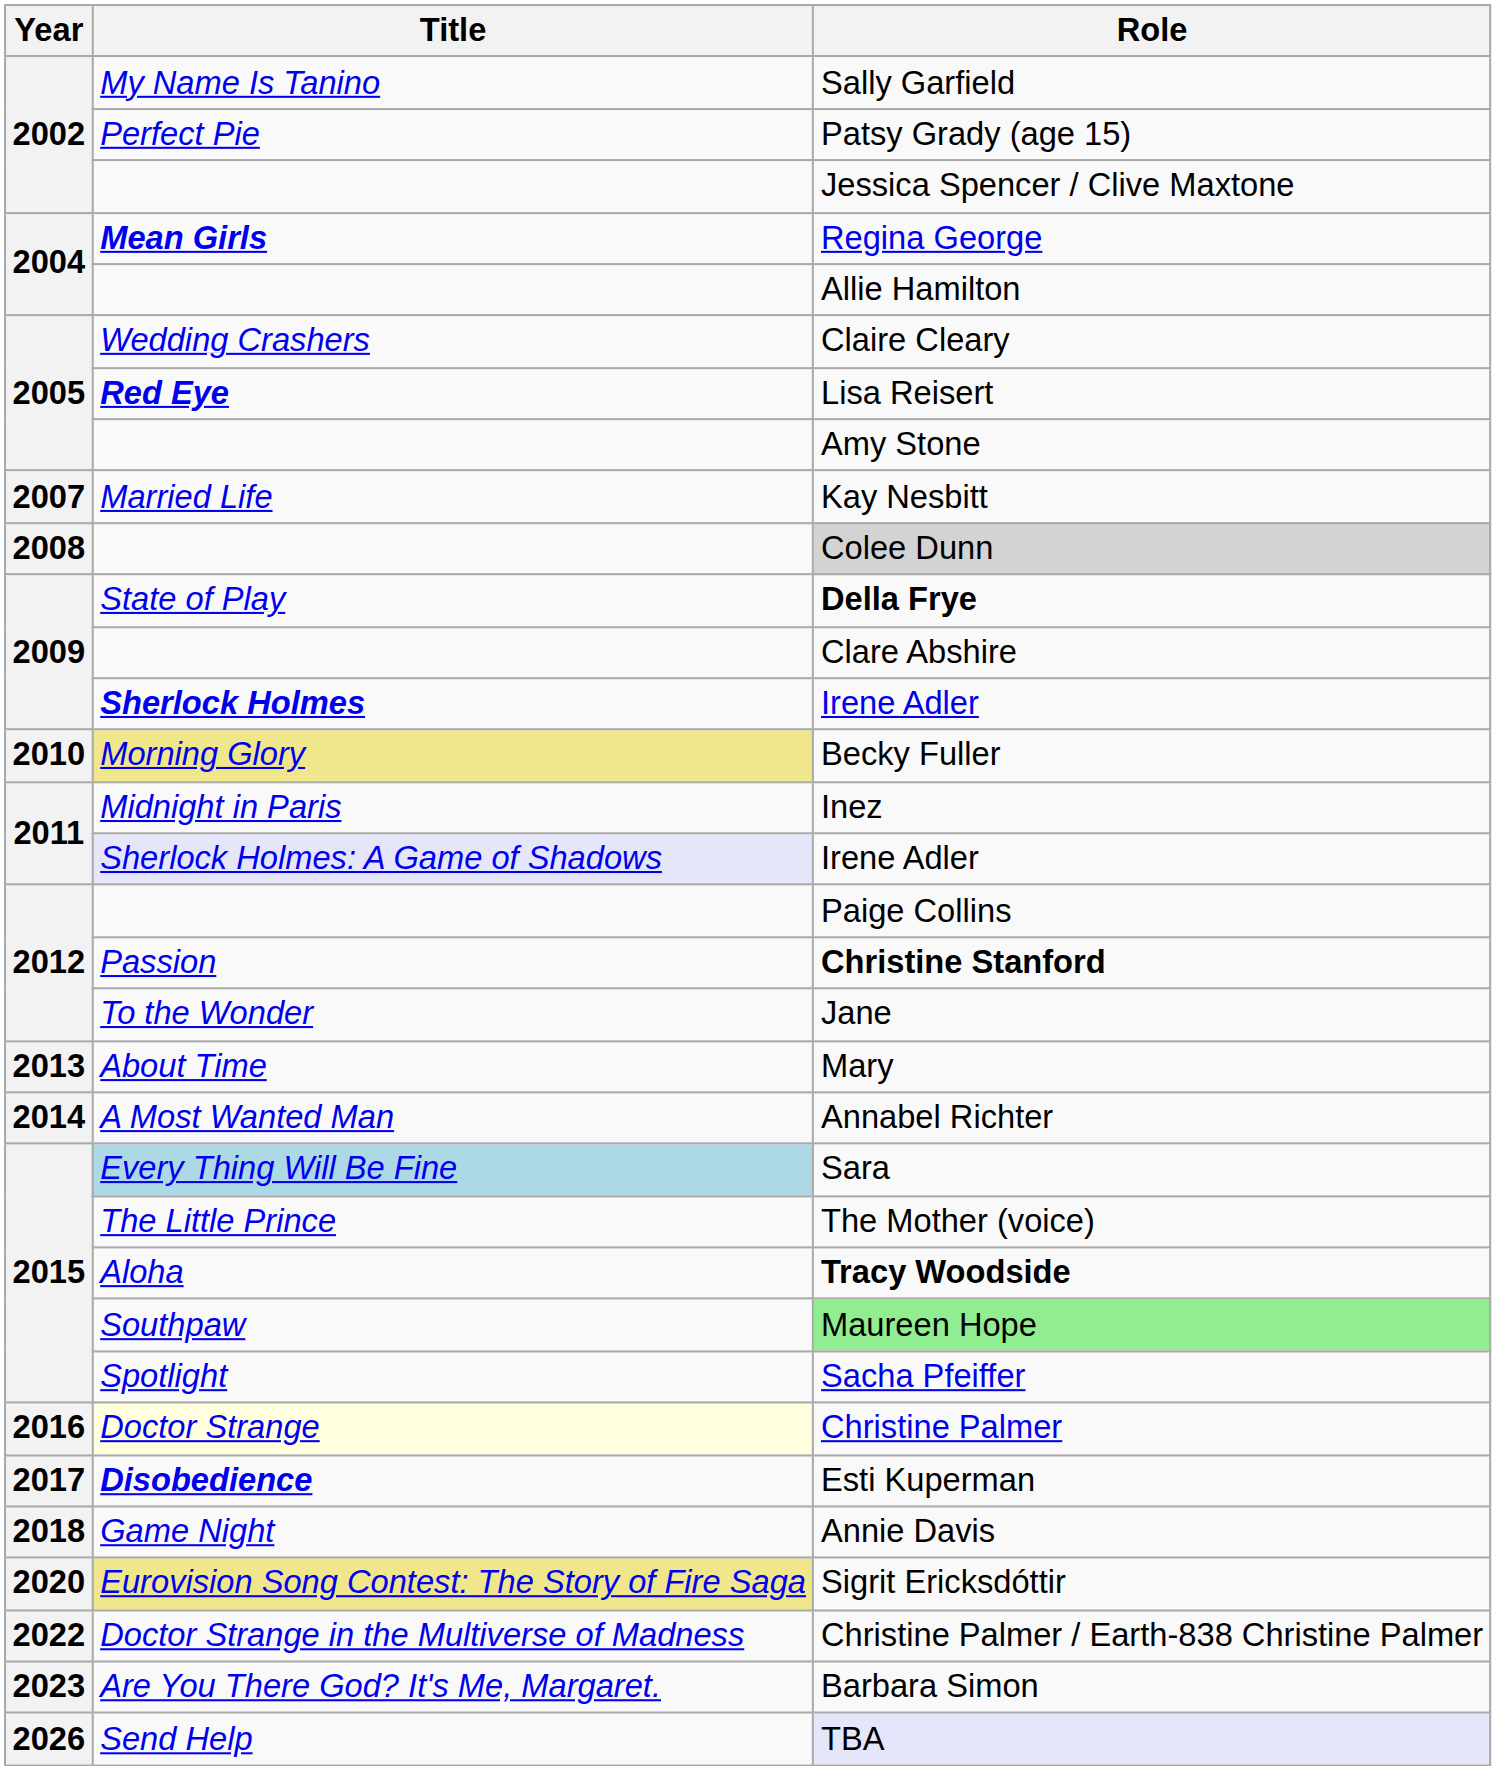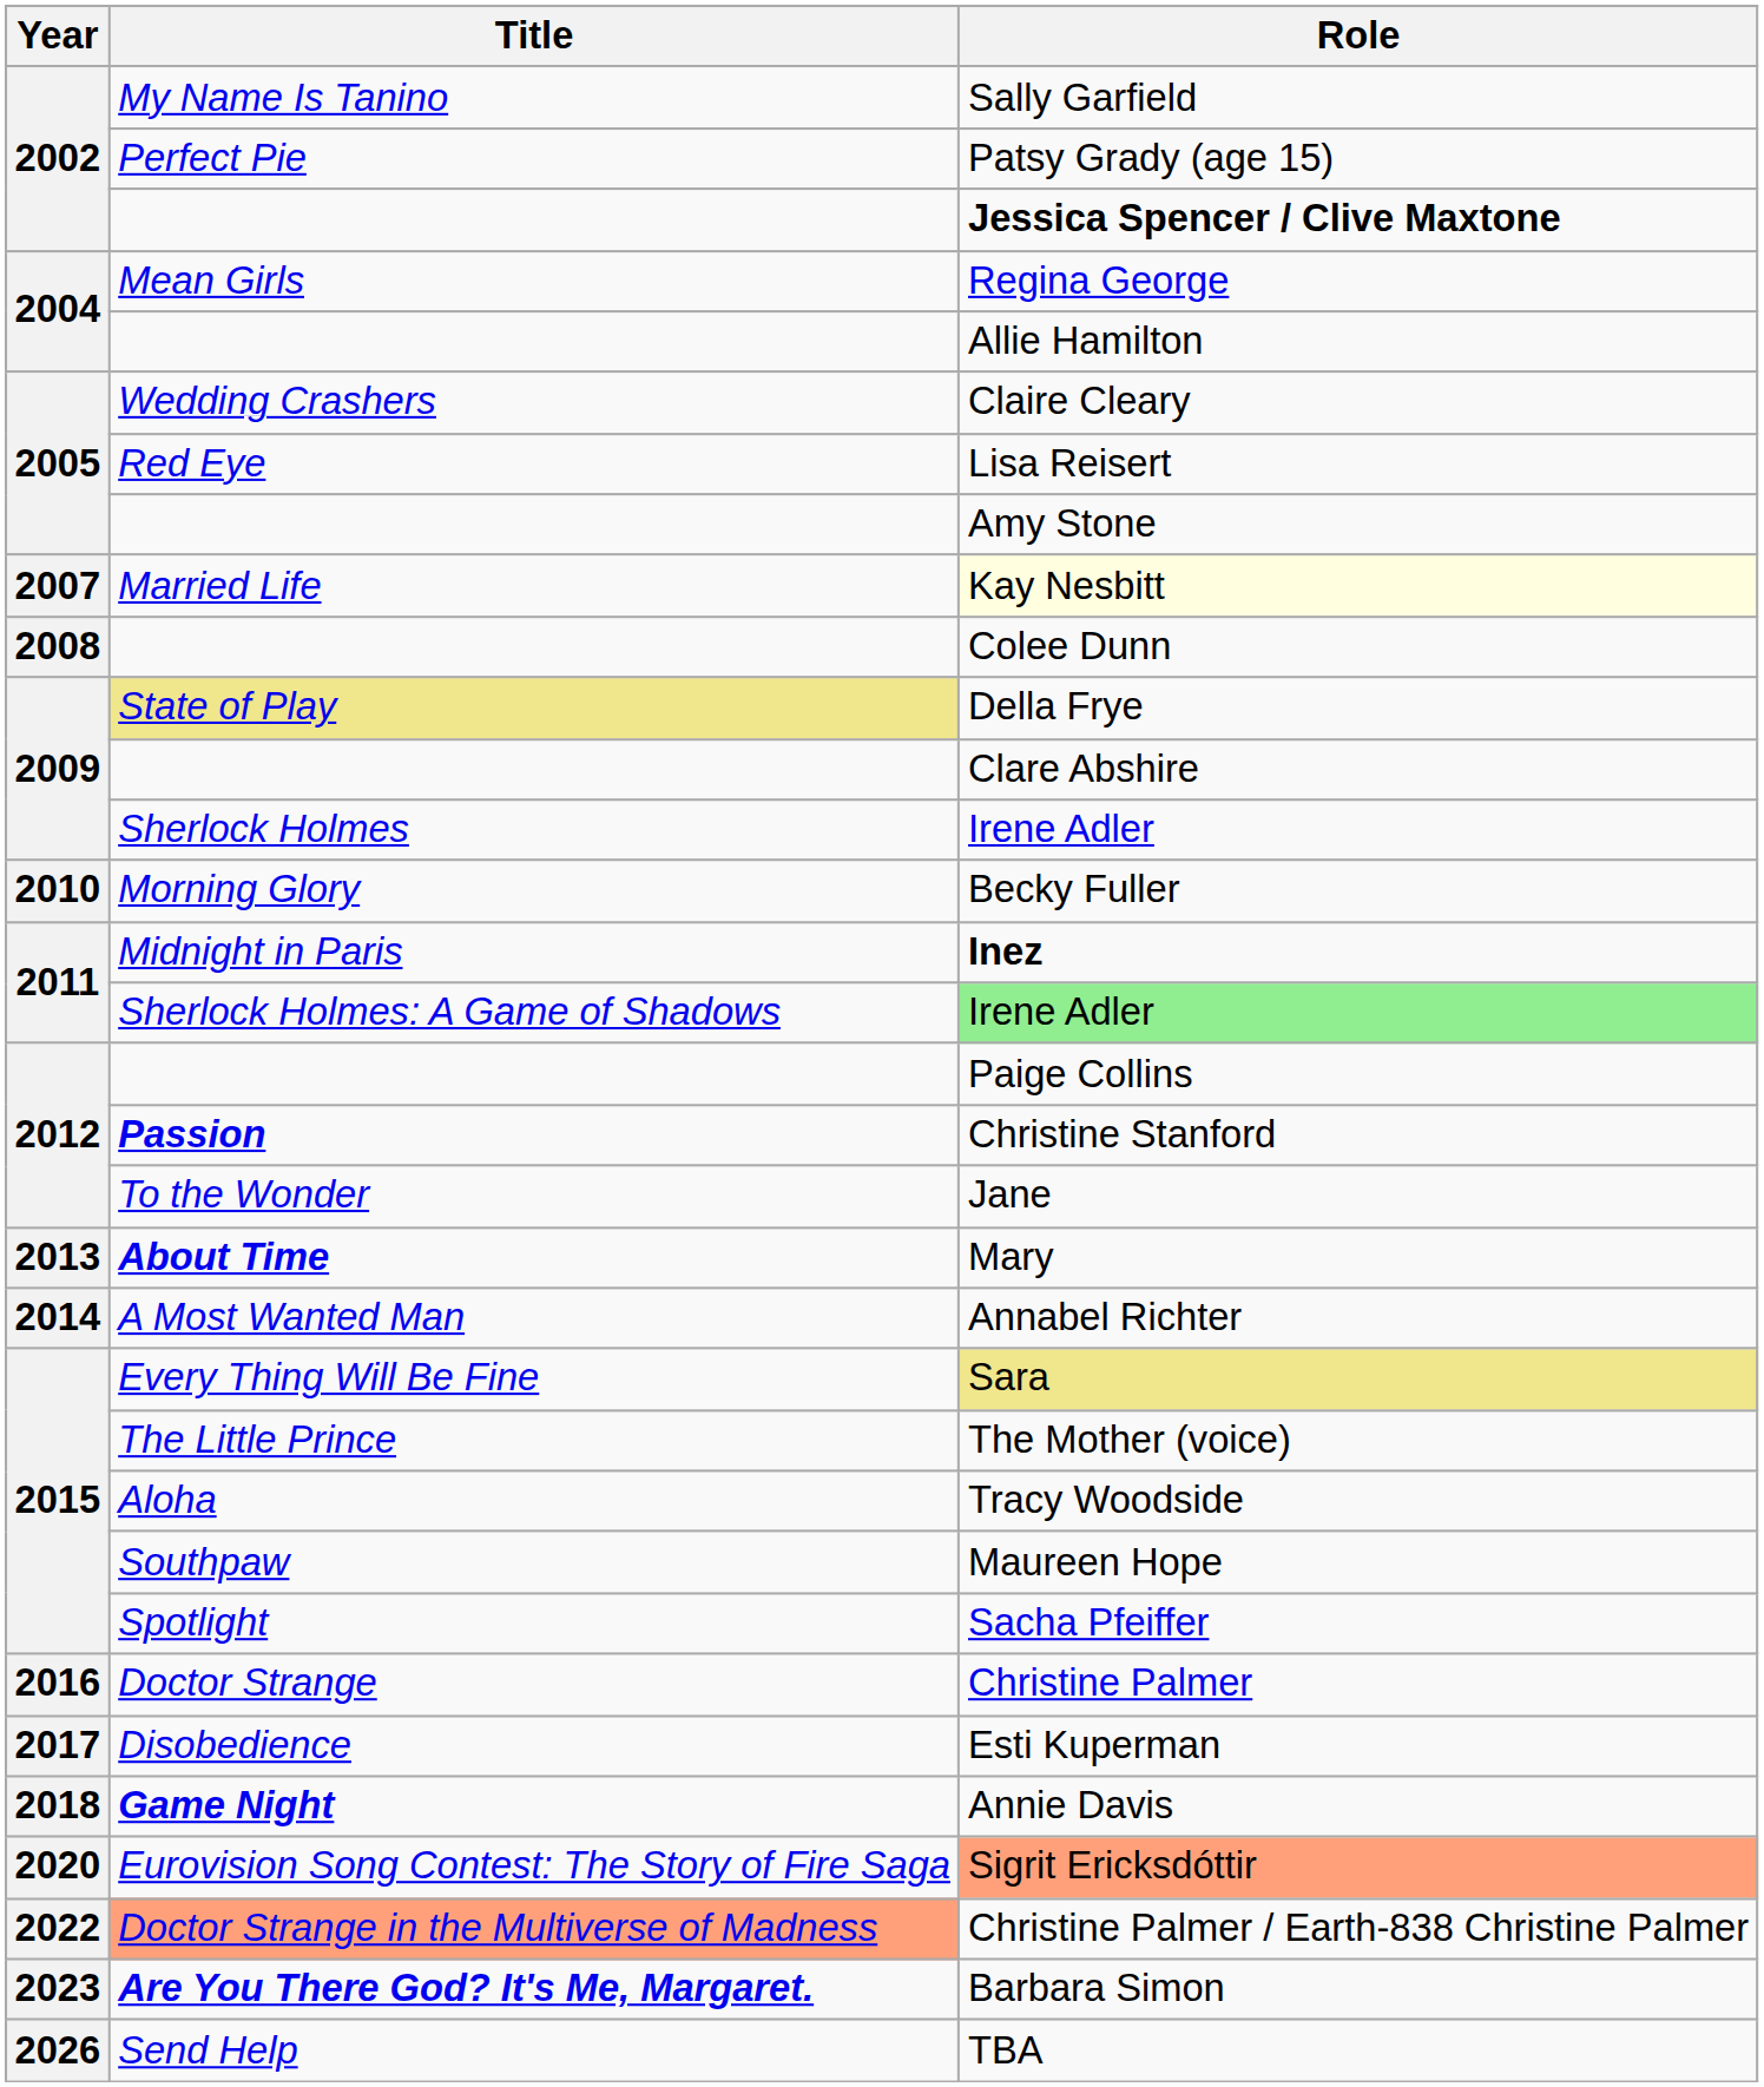 <table class="wikitable plainrowheaders sortable">
 <tr>
 <th scope="col">Year</th>
 <th scope="col">Title</th>
 <th scope="col">Role</th>
 </tr>
 <tr>
 <th rowspan="3" scope="row">2002</th>
 <td><em><a href='#'>My Name Is Tanino</a></em></td>
 <td>Sally Garfield</td>
 </tr>
 <tr>
 <td><em><a href='#'>Perfect Pie</a></em></td>
 <td>Patsy Grady (age 15)</td>
 </tr>
 <tr>
 <td><em></em></td>
-<td>Jessica Spencer / Clive Maxtone</td>
+<td><strong>Jessica Spencer / Clive Maxtone</strong></td>
 </tr>
 <tr>
 <th rowspan="2" scope="row">2004</th>
-<td><strong><em><a href='#'>Mean Girls</a></em></strong></td>
+<td><em><a href='#'>Mean Girls</a></em></td>
 <td><a href='#'>Regina George</a></td>
 </tr>
 <tr>
 <td><em></em></td>
 <td>Allie Hamilton</td>
 </tr>
 <tr>
 <th rowspan="3" scope="row">2005</th>
 <td><em><a href='#'>Wedding Crashers</a></em></td>
 <td>Claire Cleary</td>
 </tr>
 <tr>
-<td><strong><em><a href='#'>Red Eye</a></em></strong></td>
+<td><em><a href='#'>Red Eye</a></em></td>
 <td>Lisa Reisert</td>
 </tr>
 <tr>
 <td><em></em></td>
 <td>Amy Stone</td>
 </tr>
 <tr>
 <th scope="row">2007</th>
 <td><em><a href='#'>Married Life</a></em></td>
-<td>Kay Nesbitt</td>
+<td style="background: lightyellow;">Kay Nesbitt</td>
 </tr>
 <tr>
 <th scope="row">2008</th>
 <td><em></em></td>
-<td style="background: lightgrey;">Colee Dunn</td>
+<td>Colee Dunn</td>
 </tr>
 <tr>
 <th rowspan="3" scope="row">2009</th>
-<td><em><a href='#'>State of Play</a></em></td>
-<td><strong>Della Frye</strong></td>
+<td style="background: khaki;"><em><a href='#'>State of Play</a></em></td>
+<td>Della Frye</td>
 </tr>
 <tr>
 <td><em></em></td>
 <td>Clare Abshire</td>
 </tr>
 <tr>
-<td><strong><em><a href='#'>Sherlock Holmes</a></em></strong></td>
+<td><em><a href='#'>Sherlock Holmes</a></em></td>
 <td><a href='#'>Irene Adler</a></td>
 </tr>
 <tr>
 <th scope="row">2010</th>
-<td style="background: khaki;"><em><a href='#'>Morning Glory</a></em></td>
+<td><em><a href='#'>Morning Glory</a></em></td>
 <td>Becky Fuller</td>
 </tr>
 <tr>
 <th rowspan="2" scope="row">2011</th>
 <td><em><a href='#'>Midnight in Paris</a></em></td>
-<td>Inez</td>
+<td><strong>Inez</strong></td>
 </tr>
 <tr>
-<td style="background: lavender;"><em><a href='#'>Sherlock Holmes: A Game of Shadows</a></em></td>
-<td>Irene Adler</td>
+<td><em><a href='#'>Sherlock Holmes: A Game of Shadows</a></em></td>
+<td style="background: lightgreen;">Irene Adler</td>
 </tr>
 <tr>
 <th rowspan="3" scope="row">2012</th>
 <td><em></em></td>
 <td>Paige Collins</td>
 </tr>
 <tr>
-<td><em><a href='#'>Passion</a></em></td>
-<td><strong>Christine Stanford</strong></td>
+<td><strong><em><a href='#'>Passion</a></em></strong></td>
+<td>Christine Stanford</td>
 </tr>
 <tr>
 <td><em><a href='#'>To the Wonder</a></em></td>
 <td>Jane</td>
 </tr>
 <tr>
 <th scope="row">2013</th>
-<td><em><a href='#'>About Time</a></em></td>
+<td><strong><em><a href='#'>About Time</a></em></strong></td>
 <td>Mary</td>
 </tr>
 <tr>
 <th scope="row">2014</th>
 <td data-sort-value="Most Wanted Man, A"><em><a href='#'>A Most Wanted Man</a></em></td>
 <td>Annabel Richter</td>
 </tr>
 <tr>
 <th rowspan="5" scope="row">2015</th>
-<td style="background: lightblue;"><em><a href='#'>Every Thing Will Be Fine</a></em></td>
-<td>Sara</td>
+<td><em><a href='#'>Every Thing Will Be Fine</a></em></td>
+<td style="background: khaki;">Sara</td>
 </tr>
 <tr>
 <td data-sort-value="Little Prince, The"><em><a href='#'>The Little Prince</a></em></td>
 <td>The Mother (voice)</td>
 </tr>
 <tr>
 <td><em><a href='#'>Aloha</a></em></td>
-<td><strong>Tracy Woodside</strong></td>
+<td>Tracy Woodside</td>
 </tr>
 <tr>
 <td><em><a href='#'>Southpaw</a></em></td>
-<td style="background: lightgreen;">Maureen Hope</td>
+<td>Maureen Hope</td>
 </tr>
 <tr>
 <td><em><a href='#'>Spotlight</a></em></td>
 <td><a href='#'>Sacha Pfeiffer</a></td>
 </tr>
 <tr>
 <th scope="row">2016</th>
-<td style="background: lightyellow;"><em><a href='#'>Doctor Strange</a></em></td>
+<td><em><a href='#'>Doctor Strange</a></em></td>
 <td><a href='#'>Christine Palmer</a></td>
 </tr>
 <tr>
 <th scope="row">2017</th>
-<td><strong><em><a href='#'>Disobedience</a></em></strong></td>
+<td><em><a href='#'>Disobedience</a></em></td>
 <td>Esti Kuperman</td>
 </tr>
 <tr>
 <th scope="row">2018</th>
-<td><em><a href='#'>Game Night</a></em></td>
+<td><strong><em><a href='#'>Game Night</a></em></strong></td>
 <td>Annie Davis</td>
 </tr>
 <tr>
 <th scope="row">2020</th>
-<td style="background: khaki;"><em><a href='#'>Eurovision Song Contest: The Story of Fire Saga</a></em></td>
-<td>Sigrit Ericksdóttir</td>
+<td><em><a href='#'>Eurovision Song Contest: The Story of Fire Saga</a></em></td>
+<td style="background: lightsalmon;">Sigrit Ericksdóttir</td>
 </tr>
 <tr>
 <th scope="row">2022</th>
-<td><em><a href='#'>Doctor Strange in the Multiverse of Madness</a></em></td>
+<td style="background: lightsalmon;"><em><a href='#'>Doctor Strange in the Multiverse of Madness</a></em></td>
 <td>Christine Palmer / Earth-838 Christine Palmer</td>
 </tr>
 <tr>
 <th scope="row">2023</th>
-<td><em><a href='#'>Are You There God? It's Me, Margaret.</a></em></td>
+<td><strong><em><a href='#'>Are You There God? It's Me, Margaret.</a></em></strong></td>
 <td>Barbara Simon</td>
 </tr>
 <tr>
 <th scope="row">2026</th>
 <td><em><a href='#'>Send Help</a></em></td>
-<td style="background: lavender;">TBA</td>
+<td>TBA</td>
 </tr>
 </table>
